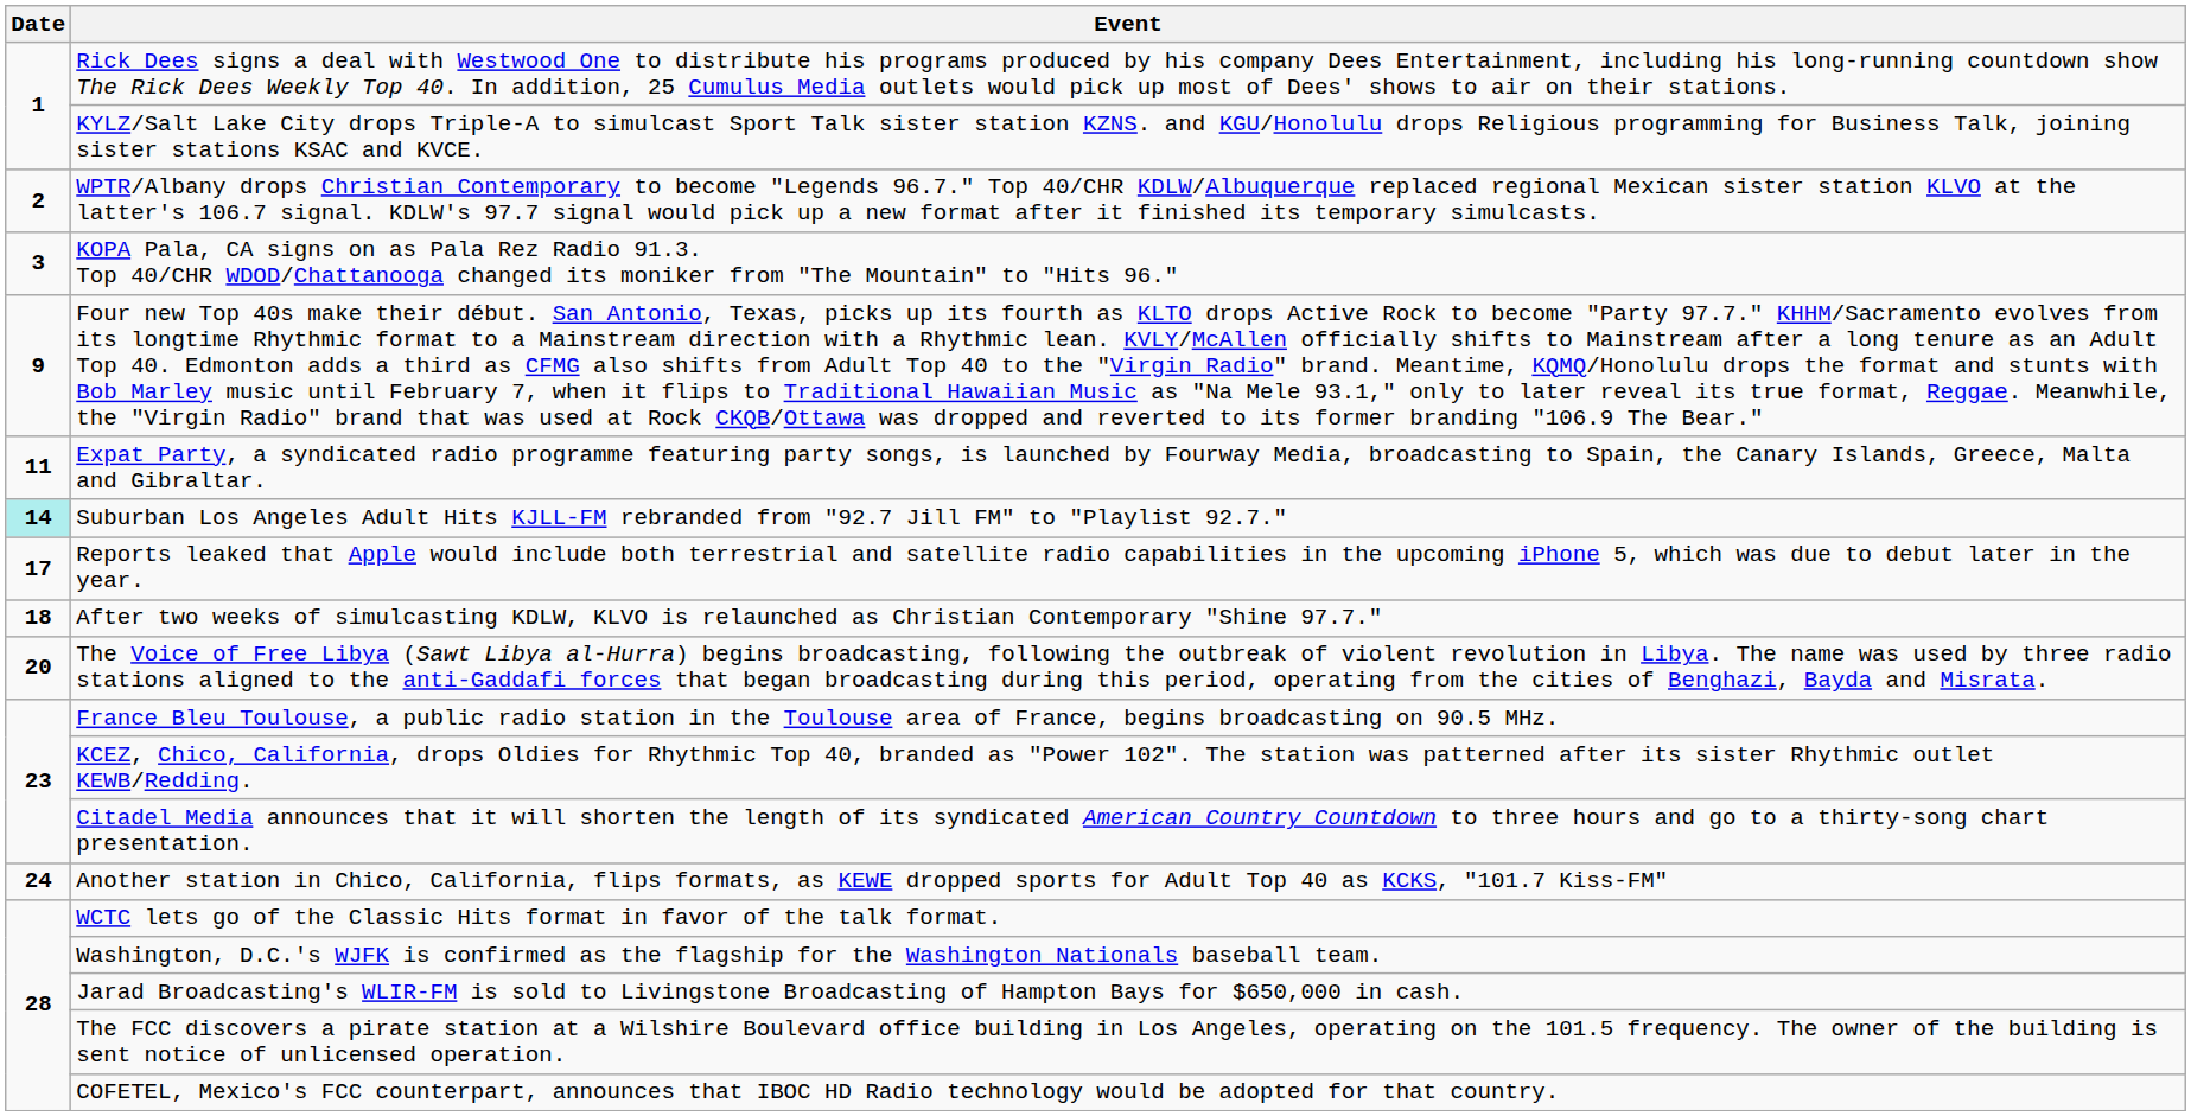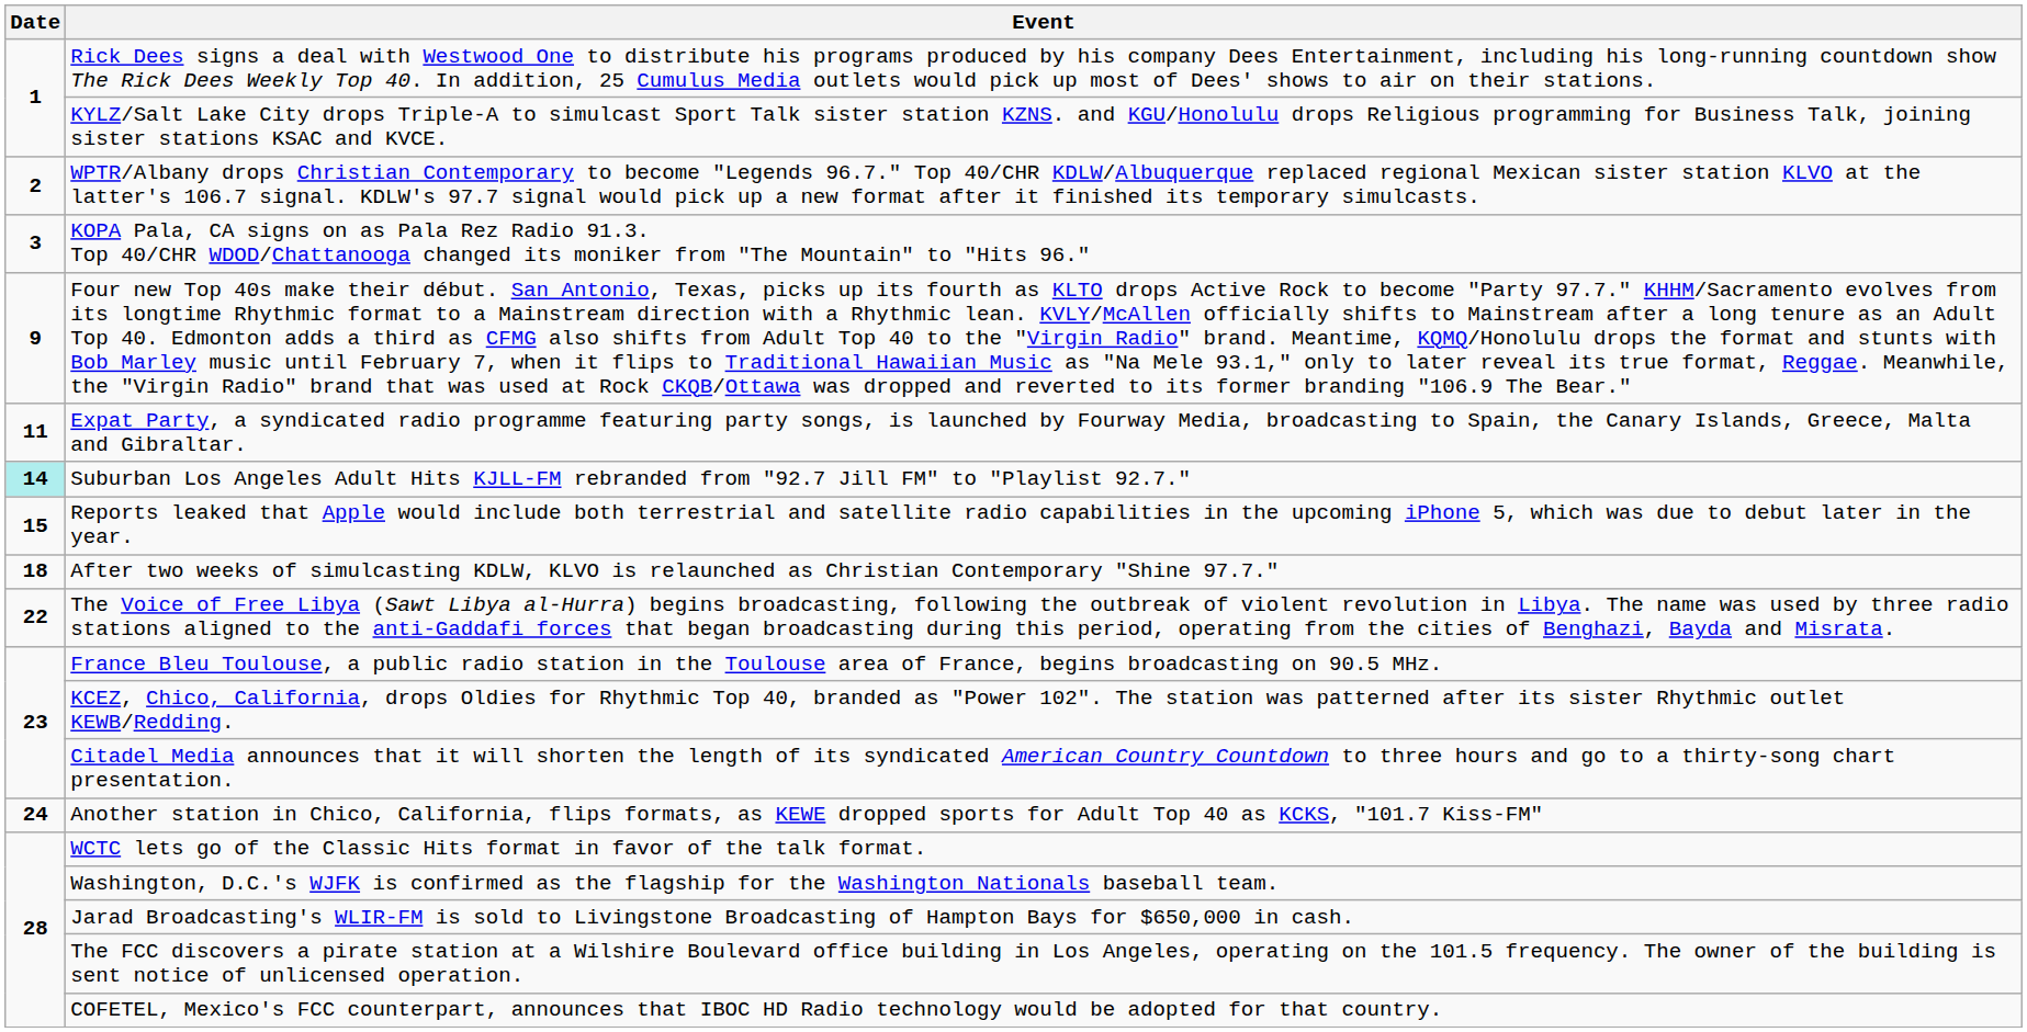 <table class="wikitable">
 <tr>
 <th>Date</th>
 <th>Event</th>
 </tr>
 <tr>
 <td style="text-align:center;" rowspan="2"><strong>1</strong></td>
 <td><a href='#'>Rick Dees</a> signs a deal with <a href='#'>Westwood One</a> to distribute his programs produced by his company Dees Entertainment, including his long-running countdown show <em>The Rick Dees Weekly Top 40</em>. In addition, 25 <a href='#'>Cumulus Media</a> outlets would pick up most of Dees' shows to air on their stations.</td>
 </tr>
 <tr>
 <td><a href='#'>KYLZ</a>/Salt Lake City drops Triple-A to simulcast Sport Talk sister station <a href='#'>KZNS</a>. and <a href='#'>KGU</a>/<a href='#'>Honolulu</a> drops Religious programming for Business Talk, joining sister stations KSAC and KVCE.</td>
 </tr>
 <tr>
 <td style="text-align:center;"><strong>2</strong></td>
 <td><a href='#'>WPTR</a>/Albany drops <a href='#'>Christian Contemporary</a> to become "Legends 96.7." Top 40/CHR <a href='#'>KDLW</a>/<a href='#'>Albuquerque</a> replaced regional Mexican sister station <a href='#'>KLVO</a> at the latter's 106.7 signal. KDLW's 97.7 signal would pick up a new format after it finished its temporary simulcasts.</td>
 </tr>
 <tr>
 <td style="text-align:center;"><strong>3</strong></td>
 <td><a href='#'>KOPA</a> Pala, CA signs on as Pala Rez Radio 91.3.<br>Top 40/CHR <a href='#'>WDOD</a>/<a href='#'>Chattanooga</a> changed its moniker from "The Mountain" to "Hits 96."</td>
 </tr>
 <tr>
 <td style="text-align:center;"><strong>9</strong></td>
 <td>Four new Top 40s make their début. <a href='#'>San Antonio</a>, Texas, picks up its fourth as <a href='#'>KLTO</a> drops Active Rock to become "Party 97.7." <a href='#'>KHHM</a>/Sacramento evolves from its longtime Rhythmic format to a Mainstream direction with a Rhythmic lean. <a href='#'>KVLY</a>/<a href='#'>McAllen</a> officially shifts to Mainstream after a long tenure as an Adult Top 40. Edmonton adds a third as <a href='#'>CFMG</a> also shifts from Adult Top 40 to the "<a href='#'>Virgin Radio</a>" brand. Meantime, <a href='#'>KQMQ</a>/Honolulu drops the format and stunts with <a href='#'>Bob Marley</a> music until February 7, when it flips to <a href='#'>Traditional Hawaiian Music</a> as "Na Mele 93.1," only to later reveal its true format, <a href='#'>Reggae</a>. Meanwhile, the "Virgin Radio" brand that was used at Rock <a href='#'>CKQB</a>/<a href='#'>Ottawa</a> was dropped and reverted to its former branding "106.9 The Bear."</td>
 </tr>
 <tr>
 <td style="text-align:center;"><strong>11</strong></td>
 <td><a href='#'>Expat Party</a>, a syndicated radio programme featuring party songs, is launched by Fourway Media, broadcasting to Spain, the Canary Islands, Greece, Malta and Gibraltar.</td>
 </tr>
 <tr>
 <td style="background: paleturquoise; text-align:center;"><strong>14</strong></td>
 <td>Suburban Los Angeles Adult Hits <a href='#'>KJLL-FM</a> rebranded from "92.7 Jill FM" to "Playlist 92.7."</td>
 </tr>
 <tr>
-<td style="text-align:center;" rowspan="1"><strong>17</strong></td>
+<td style="text-align:center;" rowspan="1"><strong>15</strong></td>
 <td>Reports leaked that <a href='#'>Apple</a> would include both terrestrial and satellite radio capabilities in the upcoming <a href='#'>iPhone</a> 5, which was due to debut later in the year.</td>
 </tr>
 <tr>
 <td style="text-align:center;"><strong>18</strong></td>
 <td>After two weeks of simulcasting KDLW, KLVO is relaunched as Christian Contemporary "Shine 97.7."</td>
 </tr>
 <tr>
-<td style="text-align:center;"><strong>20</strong></td>
+<td style="text-align:center;"><strong>22</strong></td>
 <td>The <a href='#'>Voice of Free Libya</a> (<em>Sawt Libya al-Hurra</em>) begins broadcasting, following the outbreak of violent revolution in <a href='#'>Libya</a>. The name was used by three radio stations aligned to the <a href='#'>anti-Gaddafi forces</a> that began broadcasting during this period, operating from the cities of <a href='#'>Benghazi</a>, <a href='#'>Bayda</a> and <a href='#'>Misrata</a>.</td>
 </tr>
 <tr>
 <td style="text-align:center;" rowspan="3"><strong>23</strong></td>
 <td><a href='#'>France Bleu Toulouse</a>, a public radio station in the <a href='#'>Toulouse</a> area of France, begins broadcasting on 90.5 MHz.</td>
 </tr>
 <tr>
 <td><a href='#'>KCEZ</a>, <a href='#'>Chico, California</a>, drops Oldies for Rhythmic Top 40, branded as "Power 102". The station was patterned after its sister Rhythmic outlet <a href='#'>KEWB</a>/<a href='#'>Redding</a>.</td>
 </tr>
 <tr>
 <td><a href='#'>Citadel Media</a> announces that it will shorten the length of its syndicated <em><a href='#'>American Country Countdown</a></em> to three hours and go to a thirty-song chart presentation.</td>
 </tr>
 <tr>
 <td style="text-align:center;"><strong>24</strong></td>
 <td>Another station in Chico, California, flips formats, as <a href='#'>KEWE</a> dropped sports for Adult Top 40 as <a href='#'>KCKS</a>, "101.7 Kiss-FM"</td>
 </tr>
 <tr>
 <td style="text-align:center;" rowspan="5"><strong>28</strong></td>
 <td><a href='#'>WCTC</a> lets go of the Classic Hits format in favor of the talk format.</td>
 </tr>
 <tr>
 <td>Washington, D.C.'s <a href='#'>WJFK</a> is confirmed as the flagship for the <a href='#'>Washington Nationals</a> baseball team.</td>
 </tr>
 <tr>
 <td>Jarad Broadcasting's <a href='#'>WLIR-FM</a> is sold to Livingstone Broadcasting of Hampton Bays for $650,000 in cash.</td>
 </tr>
 <tr>
 <td>The FCC discovers a pirate station at a Wilshire Boulevard office building in Los Angeles, operating on the 101.5 frequency. The owner of the building is sent notice of unlicensed operation.</td>
 </tr>
 <tr>
 <td>COFETEL, Mexico's FCC counterpart, announces that IBOC HD Radio technology would be adopted for that country.</td>
 </tr>
 </table>
